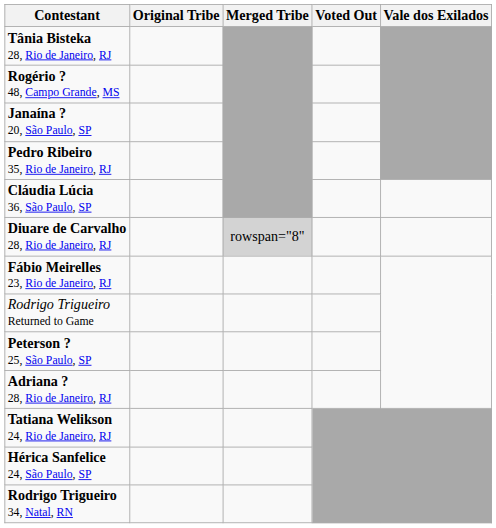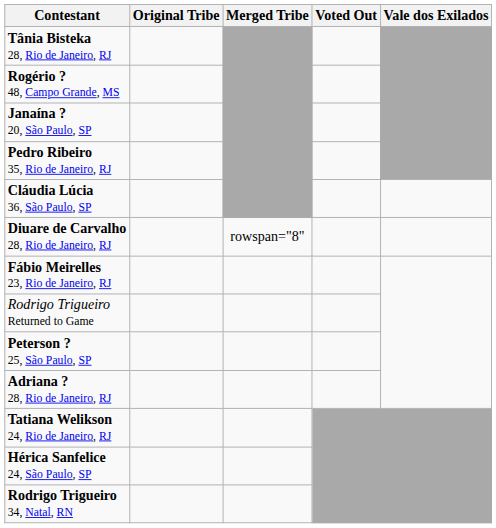 <table class="wikitable sortable" style="margin:auto; text-align:center">
 <tr>
 <th>Contestant</th>
 <th>Original Tribe</th>
 <th>Merged Tribe</th>
 <th>Voted Out</th>
 <th>Vale dos Exilados</th>
 </tr>
 <tr>
 <td align="left"><strong>Tânia Bisteka</strong><br><small>28, <a href='#'>Rio de Janeiro</a>, <a href='#'>RJ</a></small></td>
 <td></td>
 <td rowspan="5" bgcolor="darkgray"></td>
 <td></td>
 <td colspan="2" rowspan="4" bgcolor="darkgrey"></td>
 </tr>
 <tr>
 <td align="left"><strong>Rogério ?</strong><br><small>48, <a href='#'>Campo Grande</a>, <a href='#'>MS</a></small></td>
 <td></td>
 <td></td>
 </tr>
 <tr>
 <td align="left"><strong>Janaína ?</strong><br><small>20, <a href='#'>São Paulo</a>, <a href='#'>SP</a></small></td>
 <td></td>
 <td></td>
 </tr>
 <tr>
 <td align="left"><strong>Pedro Ribeiro</strong><br><small>35, <a href='#'>Rio de Janeiro</a>, <a href='#'>RJ</a></small></td>
 <td></td>
 <td></td>
 </tr>
 <tr>
 <td align="left"><strong>Cláudia Lúcia</strong><br><small>36, <a href='#'>São Paulo</a>, <a href='#'>SP</a></small></td>
 <td></td>
 <td></td>
 <td></td>
 </tr>
 <tr>
 <td align="left"><strong>Diuare de Carvalho</strong><br><small>28, <a href='#'>Rio de Janeiro</a>, <a href='#'>RJ</a></small></td>
 <td></td>
-<td style="background: lightgrey;">rowspan="8" </td>
+<td>rowspan="8" </td>
 <td></td>
 <td></td>
 </tr>
 <tr>
 <td align="left"><strong>Fábio Meirelles</strong><br><small>23, <a href='#'>Rio de Janeiro</a>, <a href='#'>RJ</a></small></td>
 <td></td>
 <td></td>
 <td></td>
 </tr>
 <tr>
 <td align="left"><em>Rodrigo Trigueiro</em><br><small>Returned to Game</small></td>
 <td></td>
 <td></td>
 <td></td>
 </tr>
 <tr>
 <td align="left"><strong>Peterson ?</strong><br><small>25, <a href='#'>São Paulo</a>, <a href='#'>SP</a></small></td>
 <td></td>
 <td></td>
 <td></td>
 </tr>
 <tr>
 <td align="left"><strong>Adriana ?</strong><br><small>28, <a href='#'>Rio de Janeiro</a>, <a href='#'>RJ</a></small></td>
 <td></td>
 <td></td>
 <td></td>
 </tr>
 <tr>
 <td align="left"><strong>Tatiana Welikson</strong><br><small>24, <a href='#'>Rio de Janeiro</a>, <a href='#'>RJ</a></small></td>
 <td></td>
 <td></td>
 <td colspan="2" rowspan="3" bgcolor="darkgrey"></td>
 </tr>
 <tr>
 <td align="left"><strong>Hérica Sanfelice</strong><br><small>24, <a href='#'>São Paulo</a>, <a href='#'>SP</a></small></td>
 <td></td>
 <td></td>
 </tr>
 <tr>
 <td align="left"><strong>Rodrigo Trigueiro</strong><br><small>34, <a href='#'>Natal</a>, <a href='#'>RN</a></small></td>
 <td></td>
 <td></td>
 </tr>
 </table>
